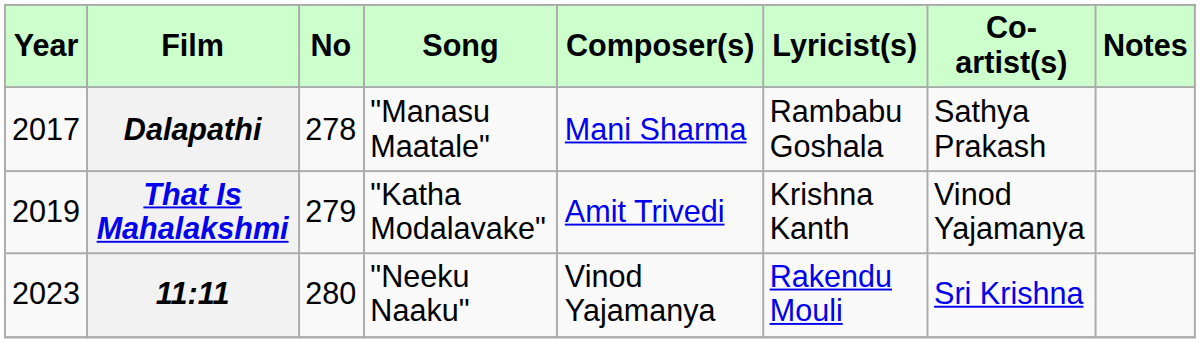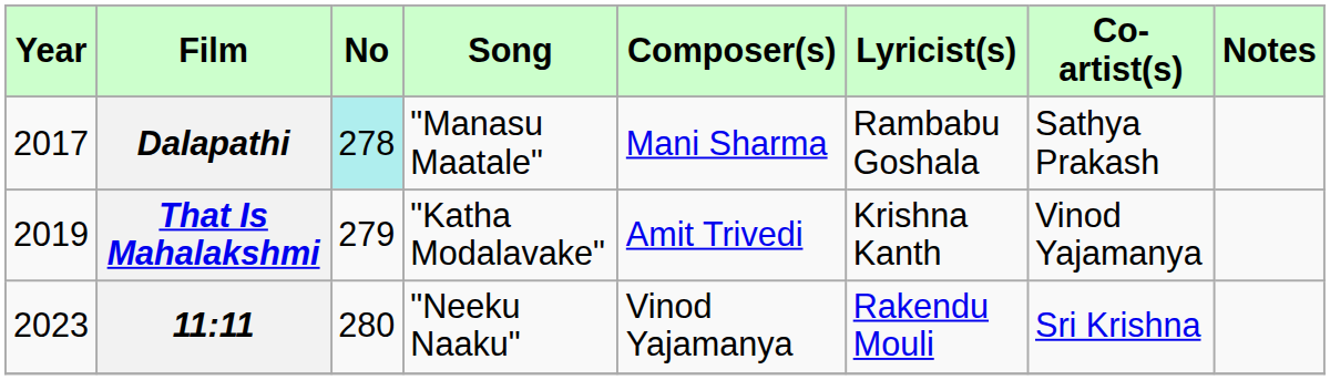 <table class="wikitable plainrowheaders" width="100%" "textcolor:#000;">
 <tr style="background:#cfc; text-align:center;">
 <td><strong>Year</strong></td>
 <td><strong>Film</strong></td>
 <td><strong>No</strong></td>
 <td><strong>Song</strong></td>
 <td><strong>Composer(s)</strong></td>
 <td><strong>Lyricist(s)</strong></td>
 <td><strong>Co-artist(s)</strong></td>
 <td><strong>Notes</strong></td>
 </tr>
 <tr>
 <td>2017</td>
 <th><em>Dalapathi</em></th>
-<td>278</td>
+<td style="background: paleturquoise;">278</td>
 <td>"Manasu Maatale"</td>
 <td><a href='#'>Mani Sharma</a></td>
 <td>Rambabu Goshala</td>
 <td>Sathya Prakash</td>
 <td></td>
 </tr>
 <tr>
 <td>2019</td>
 <th><em><a href='#'>That Is Mahalakshmi</a></em></th>
 <td>279</td>
 <td>"Katha Modalavake"</td>
 <td><a href='#'>Amit Trivedi</a></td>
 <td>Krishna Kanth</td>
 <td>Vinod Yajamanya</td>
 <td></td>
 </tr>
 <tr>
 <td>2023</td>
 <th><em>11:11</em></th>
 <td>280</td>
 <td>"Neeku Naaku"</td>
 <td>Vinod Yajamanya</td>
 <td><a href='#'>Rakendu Mouli</a></td>
 <td><a href='#'>Sri Krishna</a></td>
 <td></td>
 </tr>
 <tr>
 </tr>
 </table>
